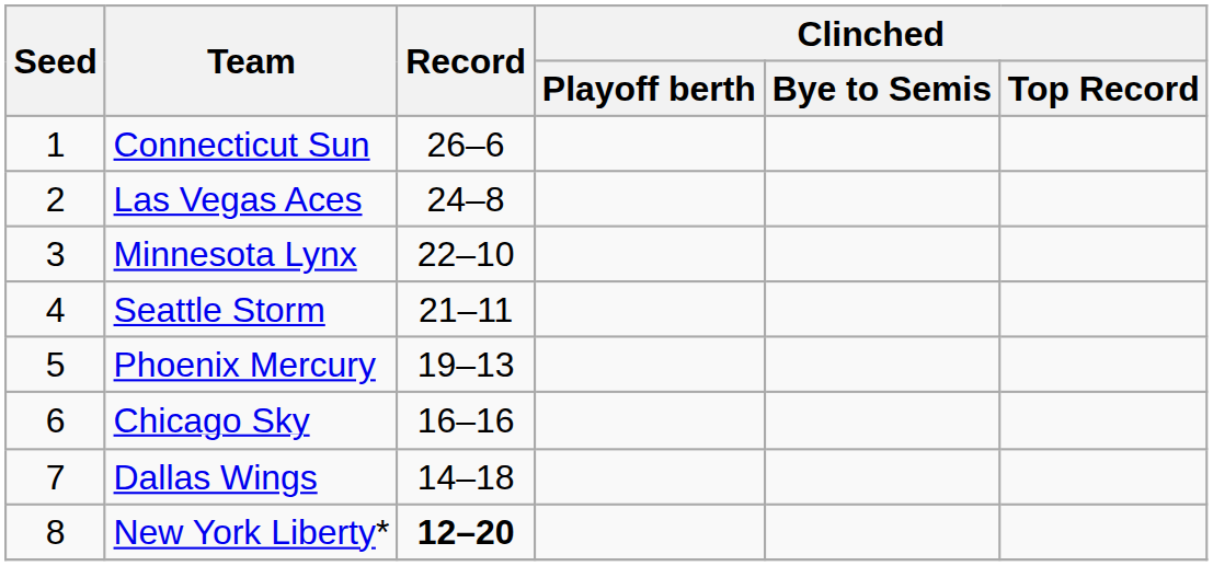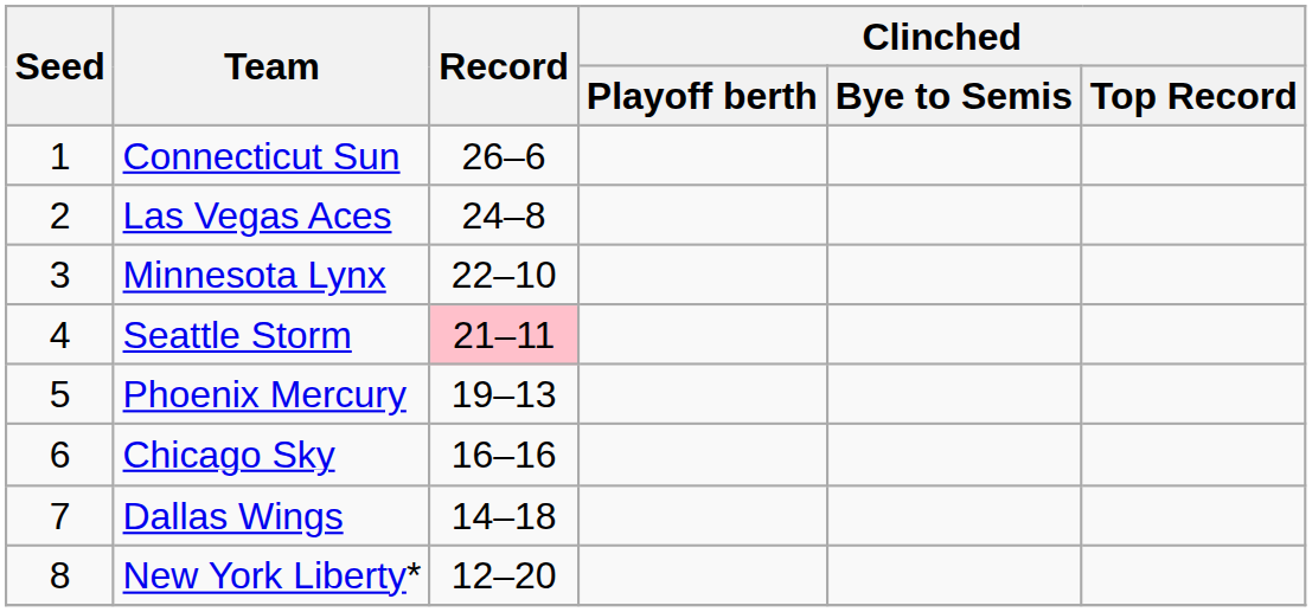 <table class="wikitable"  style="font-size:95%; text-align:center">
 <tr>
 <th rowspan=2>Seed</th>
 <th rowspan=2>Team</th>
 <th rowspan=2>Record</th>
 <th colspan=3>Clinched</th>
 </tr>
 <tr>
 <th>Playoff berth</th>
 <th>Bye to Semis</th>
 <th>Top Record</th>
 </tr>
 <tr>
 <td>1</td>
 <td align=left><a href='#'>Connecticut Sun</a></td>
 <td>26–6</td>
 <td></td>
 <td></td>
 <td></td>
 </tr>
 <tr>
 <td>2</td>
 <td align=left><a href='#'>Las Vegas Aces</a></td>
 <td>24–8</td>
 <td></td>
 <td></td>
 <td></td>
 </tr>
 <tr>
 <td>3</td>
 <td align=left><a href='#'>Minnesota Lynx</a></td>
 <td>22–10</td>
 <td></td>
 <td></td>
 <td></td>
 </tr>
 <tr>
 <td>4</td>
 <td align=left><a href='#'>Seattle Storm</a></td>
-<td>21–11</td>
+<td style="background: pink;">21–11</td>
 <td></td>
 <td></td>
 <td></td>
 </tr>
 <tr>
 <td>5</td>
 <td align=left><a href='#'>Phoenix Mercury</a></td>
 <td>19–13</td>
 <td></td>
 <td></td>
 <td></td>
 </tr>
 <tr>
 <td>6</td>
 <td align=left><a href='#'>Chicago Sky</a></td>
 <td>16–16</td>
 <td></td>
 <td></td>
 <td></td>
 </tr>
 <tr>
 <td>7</td>
 <td align=left><a href='#'>Dallas Wings</a></td>
 <td>14–18</td>
 <td></td>
 <td></td>
 <td></td>
 </tr>
 <tr>
 <td>8</td>
 <td align=left><a href='#'>New York Liberty</a>*</td>
-<td><strong>12–20</strong></td>
+<td>12–20</td>
 <td></td>
 <td></td>
 <td></td>
 </tr>
 <tr>
 </tr>
 </table>
